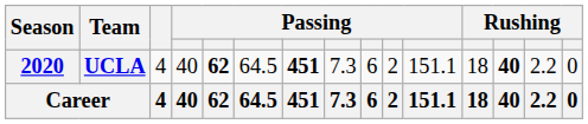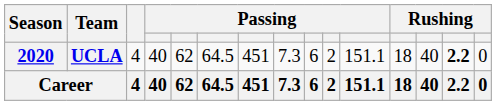 <table class="wikitable sortable" style="text-align:center;">
 <tr>
 <th rowspan="2">Season</th>
 <th rowspan="2">Team</th>
 <th rowspan="2"></th>
 <th colspan="8">Passing</th>
 <th colspan="4">Rushing</th>
 </tr>
 <tr>
 <th></th>
 <th></th>
 <th></th>
 <th></th>
 <th></th>
 <th></th>
 <th></th>
 <th></th>
 <th></th>
 <th></th>
 <th></th>
 <th></th>
 </tr>
 <tr>
 <th><a href='#'>2020</a></th>
 <th><a href='#'>UCLA</a></th>
 <td>4</td>
 <td>40</td>
-<td><strong>62</strong></td>
+<td>62</td>
 <td>64.5</td>
-<td><strong>451</strong></td>
+<td>451</td>
 <td>7.3</td>
 <td>6</td>
 <td>2</td>
 <td>151.1</td>
 <td>18</td>
-<td><strong>40</strong></td>
-<td>2.2</td>
+<td>40</td>
+<td><strong>2.2</strong></td>
 <td>0</td>
 </tr>
 <tr>
 <th colspan="2">Career</th>
 <th>4</th>
 <th>40</th>
 <th>62</th>
 <th>64.5</th>
 <th>451</th>
 <th>7.3</th>
 <th>6</th>
 <th>2</th>
 <th>151.1</th>
 <th>18</th>
 <th>40</th>
 <th>2.2</th>
 <th>0</th>
 </tr>
 </table>
